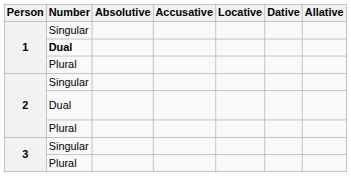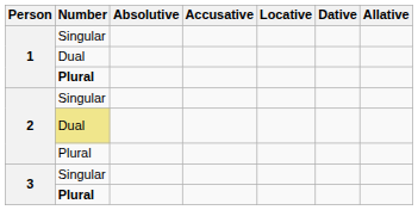 <table class="wikitable">
 <tr>
 <th>Person</th>
 <th>Number</th>
 <th>Absolutive</th>
 <th>Accusative</th>
 <th>Locative</th>
 <th>Dative</th>
 <th>Allative</th>
 </tr>
 <tr>
 <th rowspan="3">1</th>
 <td>Singular</td>
 <td></td>
 <td></td>
 <td></td>
 <td></td>
 <td></td>
 </tr>
 <tr>
-<td><strong>Dual</strong></td>
+<td>Dual</td>
 <td></td>
 <td></td>
 <td></td>
 <td></td>
 <td></td>
 </tr>
 <tr>
-<td>Plural</td>
+<td><strong>Plural</strong></td>
 <td></td>
 <td></td>
 <td></td>
 <td></td>
 <td></td>
 </tr>
 <tr>
 <th rowspan="3">2</th>
 <td>Singular</td>
 <td></td>
 <td></td>
 <td></td>
 <td></td>
 <td></td>
 </tr>
 <tr>
-<td>Dual</td>
+<td style="background: khaki;">Dual</td>
 <td><br><br></td>
 <td></td>
 <td></td>
 <td><br></td>
 <td></td>
 </tr>
 <tr>
 <td>Plural</td>
 <td></td>
 <td></td>
 <td></td>
 <td></td>
 <td></td>
 </tr>
 <tr>
 <th rowspan="2">3</th>
 <td>Singular</td>
 <td></td>
 <td></td>
 <td></td>
 <td></td>
 <td><br></td>
 </tr>
 <tr>
-<td>Plural</td>
+<td><strong>Plural</strong></td>
 <td></td>
 <td></td>
 <td></td>
 <td></td>
 <td></td>
 </tr>
 </table>
